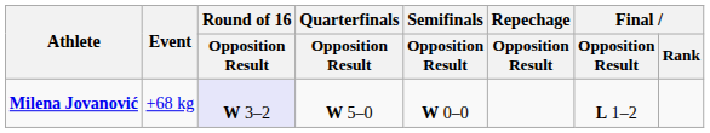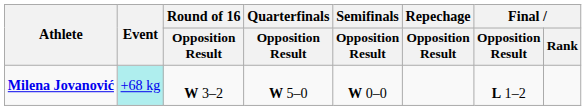 <table class="wikitable" style="font-size:90%">
 <tr>
 <th rowspan="2">Athlete</th>
 <th rowspan="2">Event</th>
 <th>Round of 16</th>
 <th>Quarterfinals</th>
 <th>Semifinals</th>
 <th>Repechage</th>
 <th colspan=2>Final / </th>
 </tr>
 <tr style="font-size:95%">
 <th>Opposition<br>Result</th>
 <th>Opposition<br>Result</th>
 <th>Opposition<br>Result</th>
 <th>Opposition<br>Result</th>
 <th>Opposition<br>Result</th>
 <th>Rank</th>
 </tr>
 <tr align=center>
 <td align=left><strong><a href='#'>Milena Jovanović</a></strong></td>
-<td align=left><a href='#'>+68 kg</a></td>
-<td style="background: lavender;"><br><strong>W</strong> 3–2</td>
+<td align=left style="background: paleturquoise;"><a href='#'>+68 kg</a></td>
+<td><br><strong>W</strong> 3–2</td>
 <td><br><strong>W</strong> 5–0</td>
 <td><br><strong>W</strong> 0–0</td>
 <td></td>
 <td><br><strong>L</strong> 1–2</td>
 <td></td>
 </tr>
 </table>
